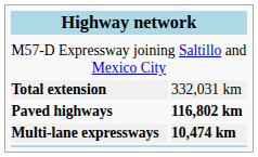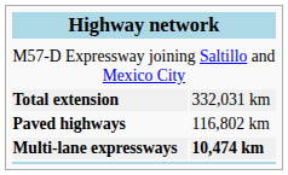 <table class="infobox" style="toc: 25em; font-size: 85%; lucida grande, sans-serif; text-align: left;">
 <tr>
 <th colspan="2" align="center" bgcolor="lightblue"><big>Highway network</big></th>
 </tr>
 <tr>
 <td colspan="2" style="text-align:center; "></td>
 </tr>
 <tr>
 <td colspan="2" style="text-align:center">M57-D Expressway joining <a href='#'>Saltillo</a> and <br> <a href='#'>Mexico City</a></td>
 </tr>
 <tr>
 <th style="background:#f0f0f0;" align="left" valign="top">Total extension</th>
 <td style="background:#f0f0f0;" valign="top">332,031 km</td>
 </tr>
 <tr>
 <th align="left" valign="top">Paved highways</th>
-<td valign="top"><strong>116,802 km</strong></td>
+<td valign="top">116,802 km</td>
 </tr>
 <tr>
 <th style="background:#f0f0f0;" align="left" valign="top">Multi-lane expressways</th>
 <td style="background:#f0f0f0;" valign="top"><strong>10,474 km</strong></td>
 </tr>
 <tr>
 <td colspan="2" align="center" bgcolor="lightblue"></td>
 </tr>
 </table>
